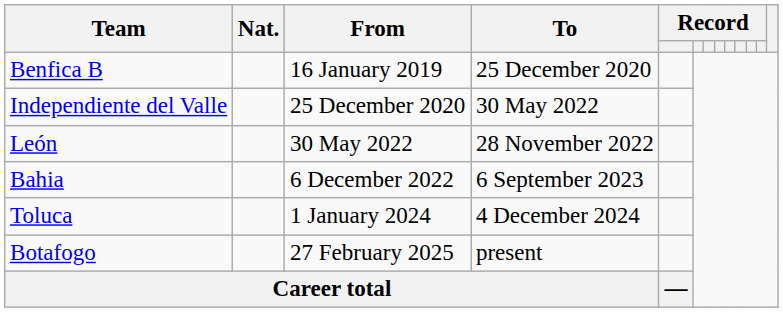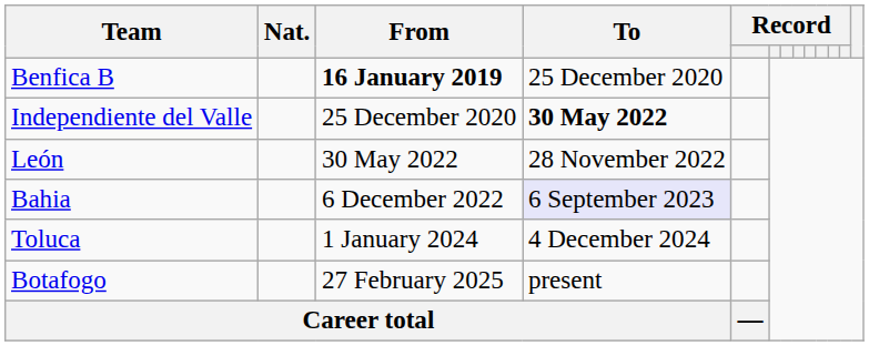 <table class="wikitable" style="text-align: center">
 <tr>
 <th rowspan="2">Team</th>
 <th rowspan="2">Nat.</th>
 <th rowspan="2">From</th>
 <th rowspan="2">To</th>
 <th colspan="8">Record</th>
 <th rowspan=2></th>
 </tr>
 <tr>
 <th></th>
 <th></th>
 <th></th>
 <th></th>
 <th></th>
 <th></th>
 <th></th>
 <th></th>
 </tr>
 <tr>
 <td align="left"><a href='#'>Benfica B</a></td>
 <td></td>
-<td align=left>16 January 2019</td>
+<td align=left><strong>16 January 2019</strong></td>
 <td align=left>25 December 2020<br></td>
 <td></td>
 </tr>
 <tr>
 <td align="left"><a href='#'>Independiente del Valle</a></td>
 <td></td>
 <td align=left>25 December 2020</td>
-<td align=left>30 May 2022<br></td>
+<td align=left><strong>30 May 2022<br></strong></td>
 <td></td>
 </tr>
 <tr>
 <td align="left"><a href='#'>León</a></td>
 <td></td>
 <td align=left>30 May 2022</td>
 <td align=left>28 November 2022<br></td>
 <td></td>
 </tr>
 <tr>
 <td align="left"><a href='#'>Bahia</a></td>
 <td></td>
 <td align=left>6 December 2022</td>
-<td align=left>6 September 2023<br></td>
+<td align=left style="background: lavender;">6 September 2023<br></td>
 <td></td>
 </tr>
 <tr>
 <td align="left"><a href='#'>Toluca</a></td>
 <td></td>
 <td align=left>1 January 2024</td>
 <td align=left>4 December 2024<br></td>
 <td></td>
 </tr>
 <tr>
 <td align="left"><a href='#'>Botafogo</a></td>
 <td></td>
 <td align=left>27 February 2025</td>
 <td align=left>present<br></td>
 <td></td>
 </tr>
 <tr>
 <th colspan="4"><strong>Career total</strong><br></th>
 <th>—</th>
 </tr>
 </table>
